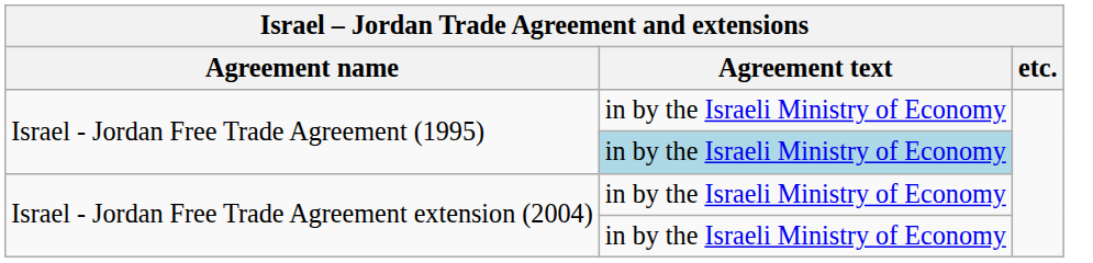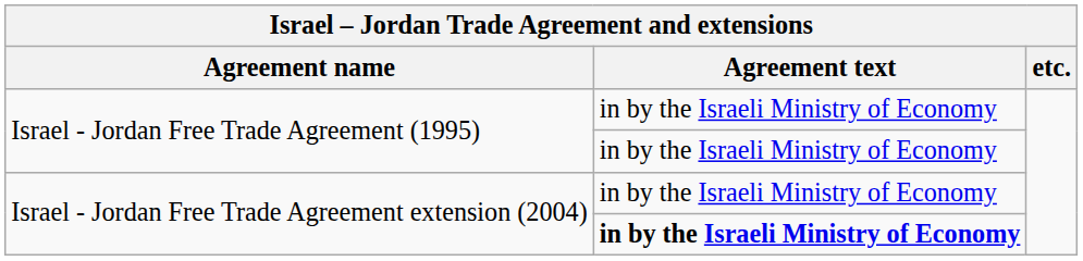 <table class="wikitable mw-collapsible mw-collapsed">
 <tr>
 <th colspan="3">Israel – Jordan Trade Agreement and extensions</th>
 </tr>
 <tr>
 <th>Agreement name</th>
 <th>Agreement text</th>
 <th>etc.</th>
 </tr>
 <tr>
 <td rowspan="2">Israel - Jordan Free Trade Agreement (1995)</td>
 <td>in  by the <a href='#'>Israeli Ministry of Economy</a></td>
 <td rowspan="4"></td>
 </tr>
 <tr>
-<td style="background: lightblue;">in  by the <a href='#'>Israeli Ministry of Economy</a></td>
+<td>in  by the <a href='#'>Israeli Ministry of Economy</a></td>
 </tr>
 <tr>
 <td rowspan="2">Israel - Jordan Free Trade Agreement extension (2004)</td>
 <td>in  by the <a href='#'>Israeli Ministry of Economy</a></td>
 </tr>
 <tr>
-<td>in  by the <a href='#'>Israeli Ministry of Economy</a></td>
+<td><strong>in  by the <a href='#'>Israeli Ministry of Economy</a></strong></td>
 </tr>
 </table>
